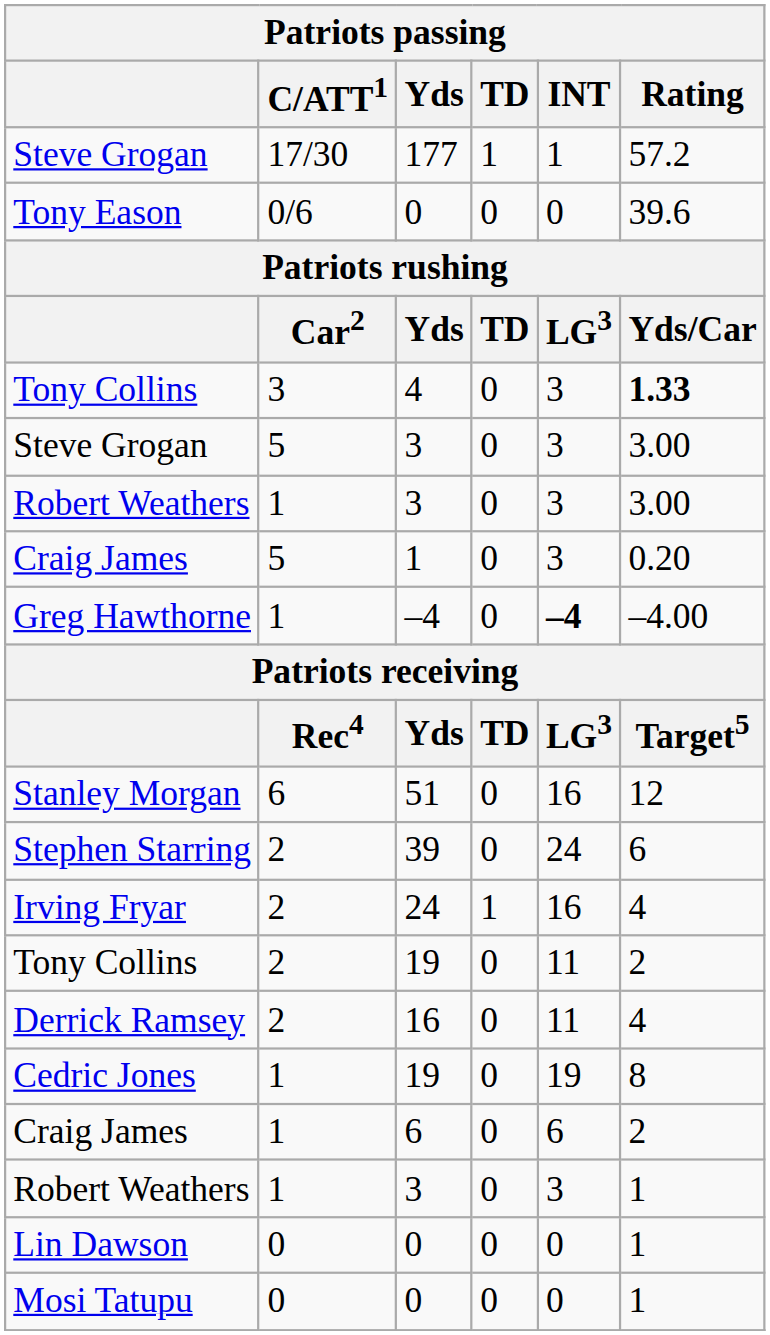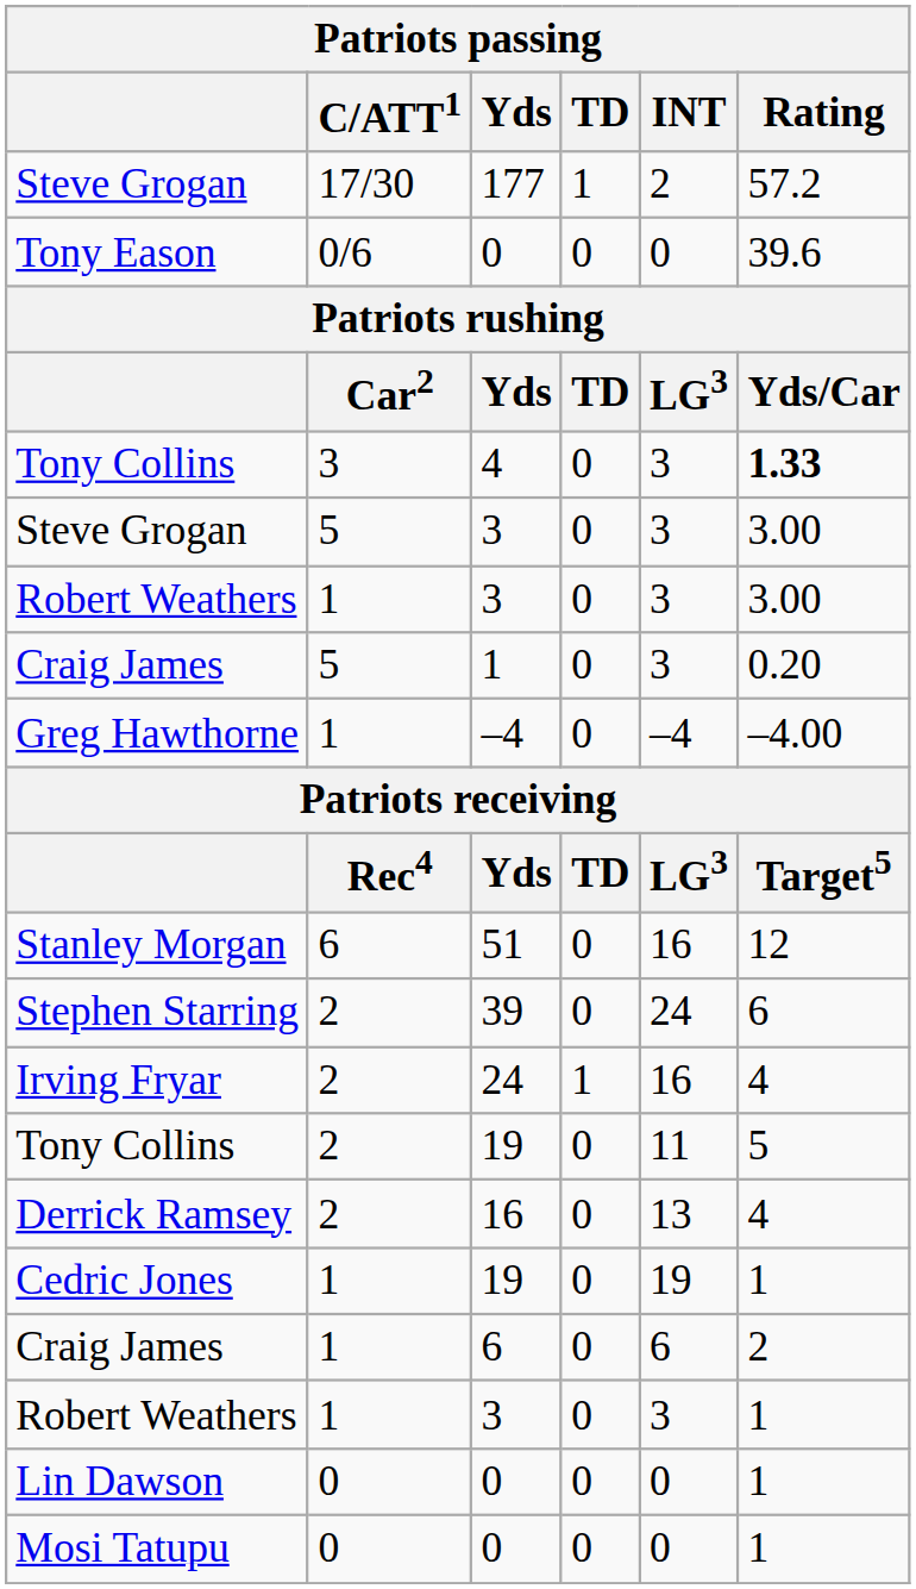 <table class="wikitable">
 <tr>
 <th colspan="6">Patriots passing</th>
 </tr>
 <tr>
 <th></th>
 <th>C/ATT<sup>1</sup></th>
 <th>Yds</th>
 <th>TD</th>
 <th>INT</th>
 <th>Rating</th>
 </tr>
 <tr>
 <td><a href='#'>Steve Grogan</a></td>
 <td>17/30</td>
 <td>177</td>
 <td>1</td>
-<td>1</td>
+<td>2</td>
 <td>57.2</td>
 </tr>
 <tr>
 <td><a href='#'>Tony Eason</a></td>
 <td>0/6</td>
 <td>0</td>
 <td>0</td>
 <td>0</td>
 <td>39.6</td>
 </tr>
 <tr>
 <th colspan="6">Patriots rushing</th>
 </tr>
 <tr>
 <th></th>
 <th>Car<sup>2</sup></th>
 <th>Yds</th>
 <th>TD</th>
 <th>LG<sup>3</sup></th>
 <th>Yds/Car</th>
 </tr>
 <tr>
 <td><a href='#'>Tony Collins</a></td>
 <td>3</td>
 <td>4</td>
 <td>0</td>
 <td>3</td>
 <td><strong>1.33</strong></td>
 </tr>
 <tr>
 <td>Steve Grogan</td>
 <td>5</td>
 <td>3</td>
 <td>0</td>
 <td>3</td>
 <td>3.00</td>
 </tr>
 <tr>
 <td><a href='#'>Robert Weathers</a></td>
 <td>1</td>
 <td>3</td>
 <td>0</td>
 <td>3</td>
 <td>3.00</td>
 </tr>
 <tr>
 <td><a href='#'>Craig James</a></td>
 <td>5</td>
 <td>1</td>
 <td>0</td>
 <td>3</td>
 <td>0.20</td>
 </tr>
 <tr>
 <td><a href='#'>Greg Hawthorne</a></td>
 <td>1</td>
 <td>–4</td>
 <td>0</td>
-<td><strong>–4</strong></td>
+<td>–4</td>
 <td>–4.00</td>
 </tr>
 <tr>
 <th colspan="6">Patriots receiving</th>
 </tr>
 <tr>
 <th></th>
 <th>Rec<sup>4</sup></th>
 <th>Yds</th>
 <th>TD</th>
 <th>LG<sup>3</sup></th>
 <th>Target<sup>5</sup></th>
 </tr>
 <tr>
 <td><a href='#'>Stanley Morgan</a></td>
 <td>6</td>
 <td>51</td>
 <td>0</td>
 <td>16</td>
 <td>12</td>
 </tr>
 <tr>
 <td><a href='#'>Stephen Starring</a></td>
 <td>2</td>
 <td>39</td>
 <td>0</td>
 <td>24</td>
 <td>6</td>
 </tr>
 <tr>
 <td><a href='#'>Irving Fryar</a></td>
 <td>2</td>
 <td>24</td>
 <td>1</td>
 <td>16</td>
 <td>4</td>
 </tr>
 <tr>
 <td>Tony Collins</td>
 <td>2</td>
 <td>19</td>
 <td>0</td>
 <td>11</td>
-<td>2</td>
+<td>5</td>
 </tr>
 <tr>
 <td><a href='#'>Derrick Ramsey</a></td>
 <td>2</td>
 <td>16</td>
 <td>0</td>
-<td>11</td>
+<td>13</td>
 <td>4</td>
 </tr>
 <tr>
 <td><a href='#'>Cedric Jones</a></td>
 <td>1</td>
 <td>19</td>
 <td>0</td>
 <td>19</td>
-<td>8</td>
+<td>1</td>
 </tr>
 <tr>
 <td>Craig James</td>
 <td>1</td>
 <td>6</td>
 <td>0</td>
 <td>6</td>
 <td>2</td>
 </tr>
 <tr>
 <td>Robert Weathers</td>
 <td>1</td>
 <td>3</td>
 <td>0</td>
 <td>3</td>
 <td>1</td>
 </tr>
 <tr>
 <td><a href='#'>Lin Dawson</a></td>
 <td>0</td>
 <td>0</td>
 <td>0</td>
 <td>0</td>
 <td>1</td>
 </tr>
 <tr>
 <td><a href='#'>Mosi Tatupu</a></td>
 <td>0</td>
 <td>0</td>
 <td>0</td>
 <td>0</td>
 <td>1</td>
 </tr>
 <tr>
 </tr>
 </table>
